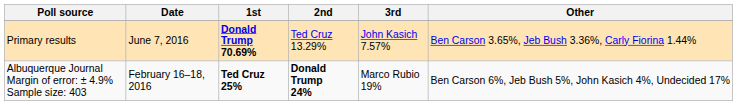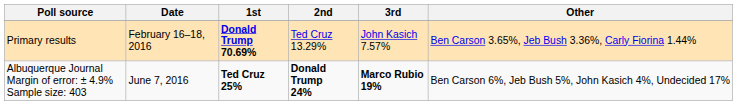 <table class="wikitable">
 <tr>
 <th style="width:180px;">Poll source</th>
 <th style="width:135px;">Date</th>
 <th style="width:100px;">1st</th>
 <th style="width:100px;">2nd</th>
 <th style="width:100px;">3rd</th>
 <th>Other</th>
 </tr>
 <tr>
 </tr>
 <tr style="background:Moccasin;">
 <td>Primary results</td>
-<td>June 7, 2016</td>
+<td>February 16–18, 2016</td>
 <td><strong><a href='#'>Donald Trump</a><br>70.69%</strong></td>
 <td><a href='#'>Ted Cruz</a><br>13.29%</td>
 <td><a href='#'>John Kasich</a><br>7.57%</td>
 <td><a href='#'>Ben Carson</a> 3.65%, <a href='#'>Jeb Bush</a> 3.36%, <a href='#'>Carly Fiorina</a> 1.44%</td>
 </tr>
 <tr>
 <td>Albuquerque Journal<br>Margin of error: ± 4.9% <br>Sample size: 403</td>
-<td>February 16–18, 2016</td>
+<td>June 7, 2016</td>
 <td><strong>Ted Cruz<br>25%</strong></td>
 <td><strong>Donald Trump<br>24%</strong></td>
-<td>Marco Rubio<br>19%</td>
+<td><strong>Marco Rubio<br>19%</strong></td>
 <td>Ben Carson 6%, Jeb Bush 5%, John Kasich 4%, Undecided 17%</td>
 </tr>
 </table>
